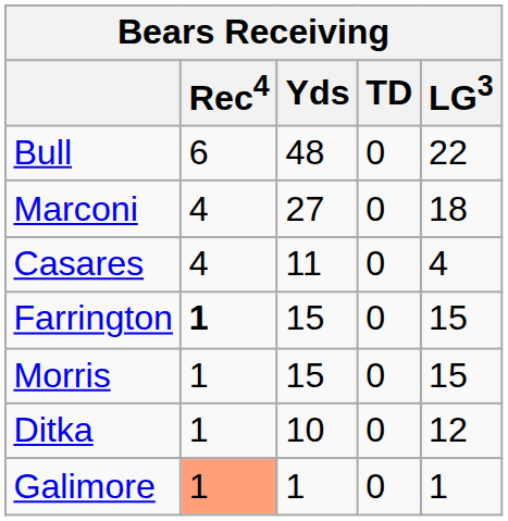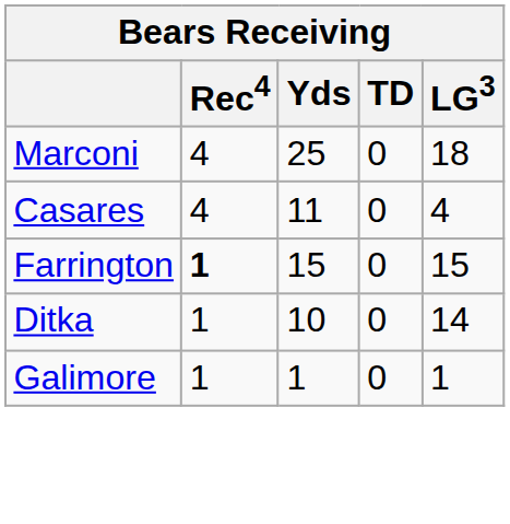 <table class="wikitable">
 <tr>
 <th colspan="5">Bears Receiving</th>
 </tr>
 <tr>
 <th></th>
 <th>Rec<sup>4</sup></th>
 <th>Yds</th>
 <th>TD</th>
 <th>LG<sup>3</sup></th>
 </tr>
 <tr>
-<td><a href='#'>Bull</a></td>
-<td>6</td>
-<td>48</td>
-<td>0</td>
-<td>22</td>
-</tr>
-<tr>
 <td><a href='#'>Marconi</a></td>
 <td>4</td>
-<td>27</td>
+<td>25</td>
 <td>0</td>
 <td>18</td>
 </tr>
 <tr>
 <td><a href='#'>Casares</a></td>
 <td>4</td>
 <td>11</td>
 <td>0</td>
 <td>4</td>
 </tr>
 <tr>
 <td><a href='#'>Farrington</a></td>
 <td><strong>1</strong></td>
 <td>15</td>
 <td>0</td>
 <td>15</td>
 </tr>
 <tr>
-<td><a href='#'>Morris</a></td>
-<td>1</td>
-<td>15</td>
-<td>0</td>
-<td>15</td>
-</tr>
-<tr>
 <td><a href='#'>Ditka</a></td>
 <td>1</td>
 <td>10</td>
 <td>0</td>
-<td>12</td>
+<td>14</td>
 </tr>
 <tr>
 <td><a href='#'>Galimore</a></td>
-<td style="background: lightsalmon;">1</td>
+<td>1</td>
 <td>1</td>
 <td>0</td>
 <td>1</td>
 </tr>
 </table>
